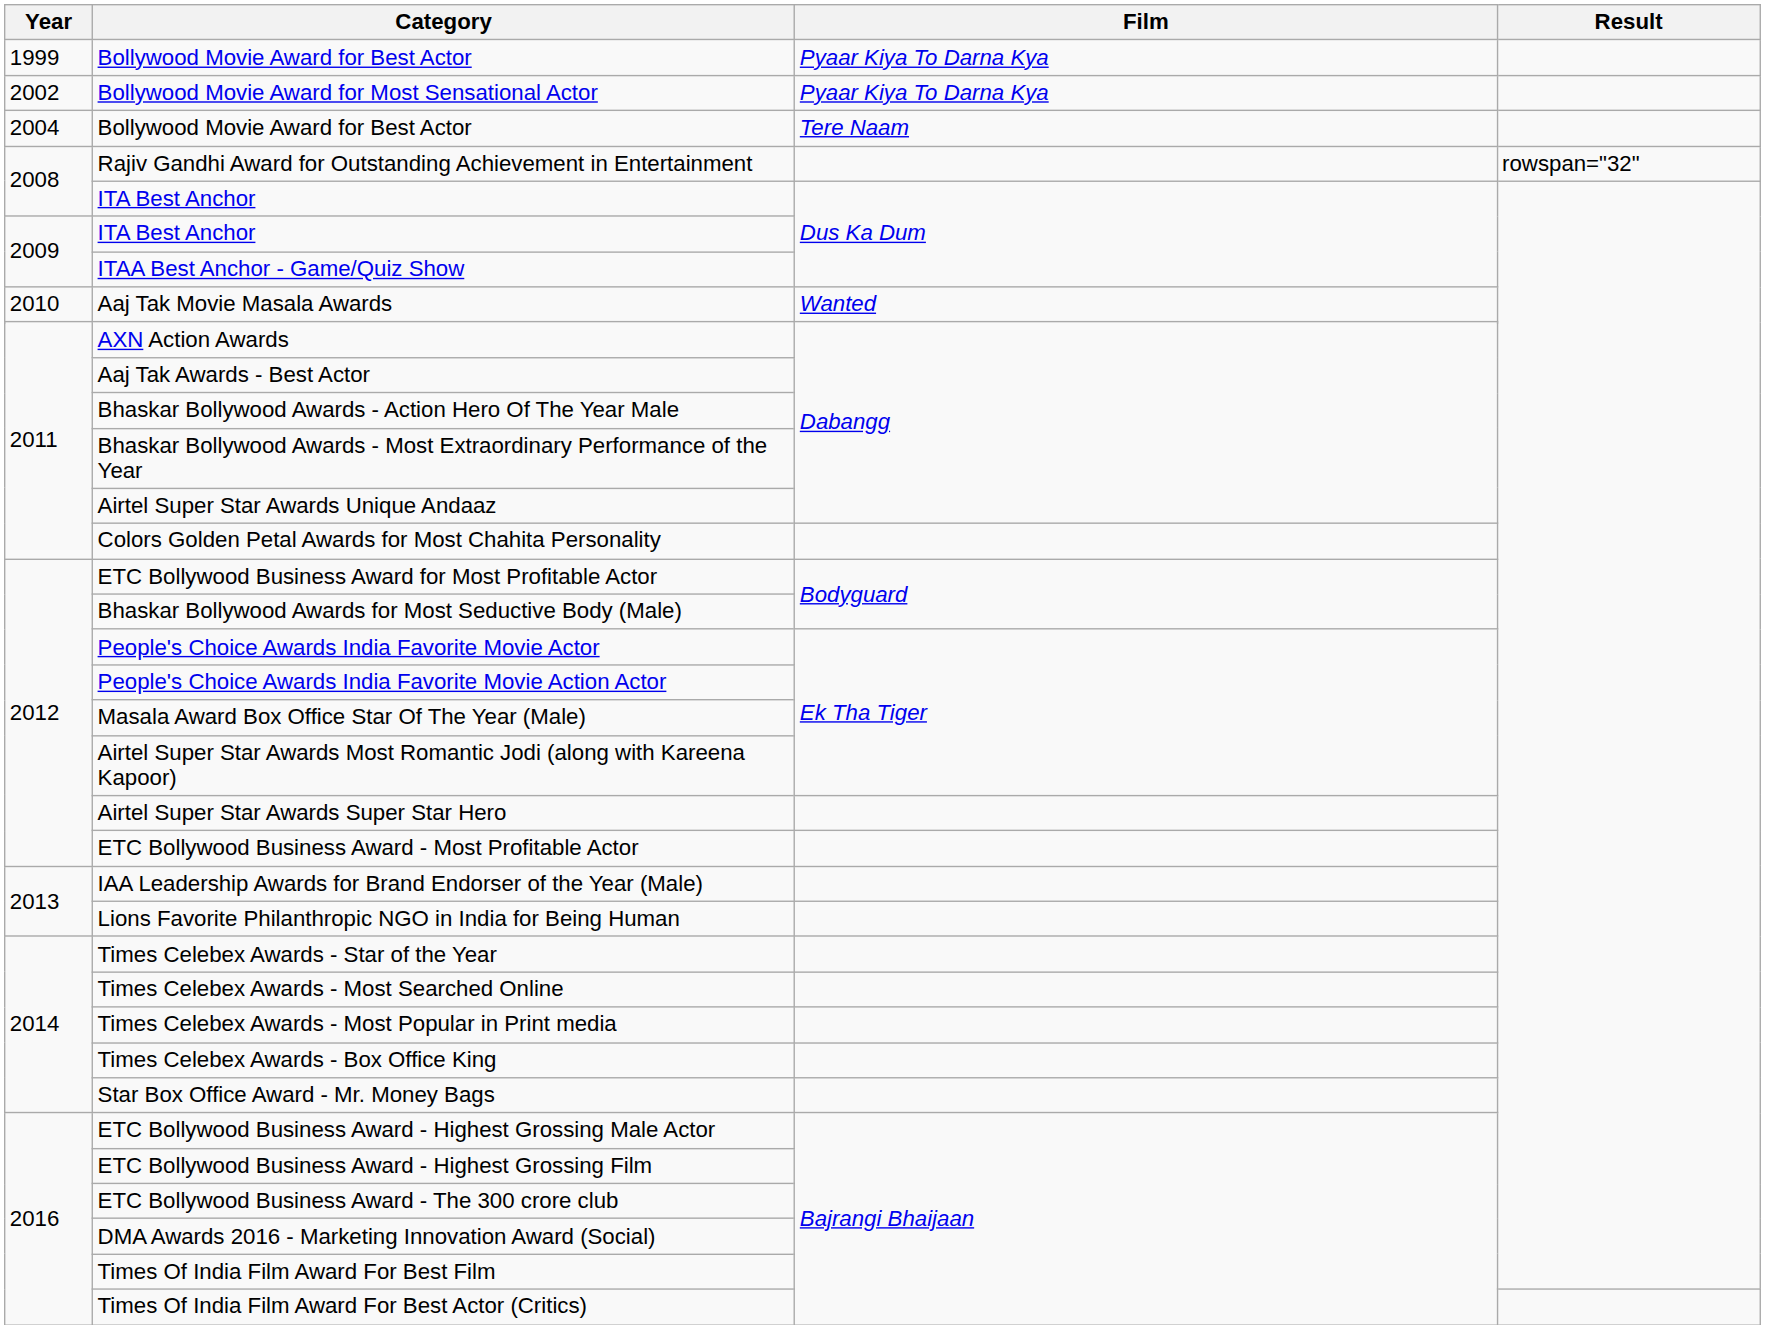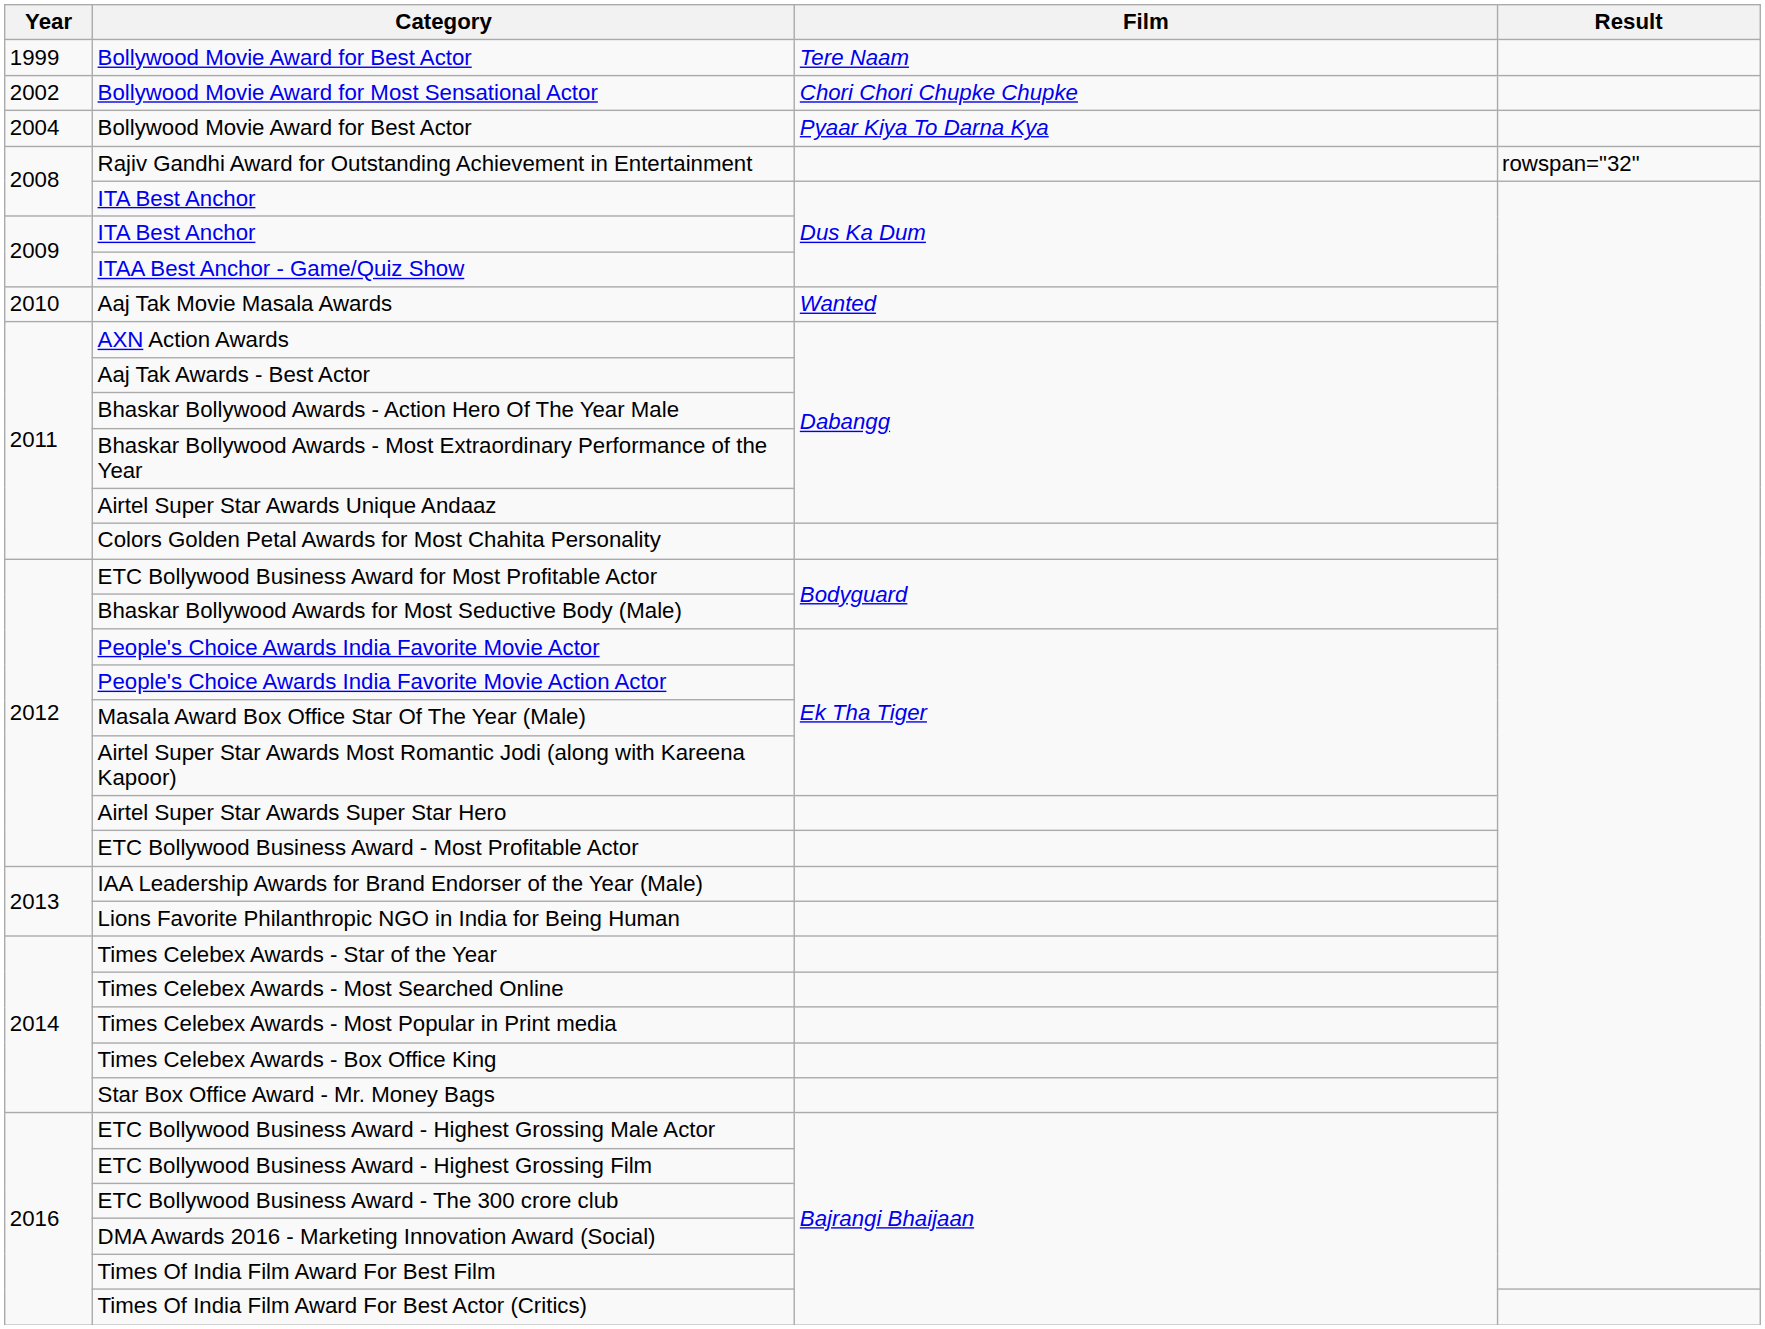 <table class="wikitable" style="width:100%;">
 <tr>
 <th width=5%>Year</th>
 <th style="width:40%;">Category</th>
 <th style="width:40%;">Film</th>
 <th style="width:15%;">Result</th>
 </tr>
 <tr>
 <td>1999</td>
 <td><a href='#'>Bollywood Movie Award for Best Actor</a></td>
-<td><em><a href='#'>Pyaar Kiya To Darna Kya</a></em></td>
+<td><em><a href='#'>Tere Naam</a></em></td>
 <td></td>
 </tr>
 <tr>
 <td>2002</td>
 <td><a href='#'>Bollywood Movie Award for Most Sensational Actor</a></td>
-<td><em><a href='#'>Pyaar Kiya To Darna Kya</a></em></td>
+<td><em><a href='#'>Chori Chori Chupke Chupke</a></em></td>
 <td></td>
 </tr>
 <tr>
 <td>2004</td>
 <td>Bollywood Movie Award for Best Actor</td>
-<td><em><a href='#'>Tere Naam</a></em></td>
+<td><em><a href='#'>Pyaar Kiya To Darna Kya</a></em></td>
 <td></td>
 </tr>
 <tr>
 <td rowspan="2">2008</td>
 <td>Rajiv Gandhi Award for Outstanding Achievement in Entertainment</td>
 <td></td>
 <td>rowspan="32" </td>
 </tr>
 <tr>
 <td><a href='#'>ITA Best Anchor</a></td>
 <td rowspan="3"><em><a href='#'>Dus Ka Dum</a></em></td>
 </tr>
 <tr>
 <td rowspan="2">2009</td>
 <td><a href='#'>ITA Best Anchor</a></td>
 </tr>
 <tr>
 <td><a href='#'>ITAA Best Anchor - Game/Quiz Show</a></td>
 </tr>
 <tr>
 <td rowspan="2">2010</td>
 <td>Aaj Tak Movie Masala Awards</td>
 <td rowspan="2"><em><a href='#'>Wanted</a></em></td>
 </tr>
 <tr>
 <td rowspan="2"><a href='#'>AXN</a> Action Awards</td>
 </tr>
 <tr>
 <td rowspan="6">2011</td>
 <td rowspan="5"><em><a href='#'>Dabangg</a></em></td>
 </tr>
 <tr>
 <td>Aaj Tak Awards - Best Actor</td>
 </tr>
 <tr>
 <td>Bhaskar Bollywood Awards - Action Hero Of The Year Male</td>
 </tr>
 <tr>
 <td>Bhaskar Bollywood Awards - Most Extraordinary Performance of the Year</td>
 </tr>
 <tr>
 <td>Airtel Super Star Awards Unique Andaaz</td>
 </tr>
 <tr>
 <td>Colors Golden Petal Awards for Most Chahita Personality</td>
 <td></td>
 </tr>
 <tr>
 <td rowspan="8">2012</td>
 <td>ETC Bollywood Business Award for Most Profitable Actor</td>
 <td rowspan="2"><em><a href='#'>Bodyguard</a></em></td>
 </tr>
 <tr>
 <td>Bhaskar Bollywood Awards for Most Seductive Body (Male)</td>
 </tr>
 <tr>
 <td><a href='#'>People's Choice Awards India Favorite Movie Actor</a></td>
 <td rowspan="4"><em><a href='#'>Ek Tha Tiger</a></em></td>
 </tr>
 <tr>
 <td><a href='#'>People's Choice Awards India Favorite Movie Action Actor</a></td>
 </tr>
 <tr>
 <td>Masala Award Box Office Star Of The Year (Male)</td>
 </tr>
 <tr>
 <td>Airtel Super Star Awards Most Romantic Jodi (along with Kareena Kapoor)</td>
 </tr>
 <tr>
 <td>Airtel Super Star Awards Super Star Hero</td>
 <td></td>
 </tr>
 <tr>
 <td>ETC Bollywood Business Award - Most Profitable Actor</td>
 <td></td>
 </tr>
 <tr>
 <td rowspan="2">2013</td>
 <td>IAA Leadership Awards for Brand Endorser of the Year (Male)</td>
 <td></td>
 </tr>
 <tr>
 <td>Lions Favorite Philanthropic NGO in India for Being Human</td>
 <td></td>
 </tr>
 <tr>
 <td rowspan="5">2014</td>
 <td>Times Celebex Awards - Star of the Year</td>
 <td></td>
 </tr>
 <tr>
 <td>Times Celebex Awards - Most Searched Online</td>
 <td></td>
 </tr>
 <tr>
 <td>Times Celebex Awards - Most Popular in Print media</td>
 <td></td>
 </tr>
 <tr>
 <td>Times Celebex Awards - Box Office King</td>
 <td></td>
 </tr>
 <tr>
 <td>Star Box Office Award - Mr. Money Bags</td>
 <td></td>
 </tr>
 <tr>
 <td rowspan="6">2016</td>
 <td>ETC Bollywood Business Award - Highest Grossing Male Actor</td>
 <td rowspan="6"><em><a href='#'>Bajrangi Bhaijaan</a></em></td>
 </tr>
 <tr>
 <td>ETC Bollywood Business Award - Highest Grossing Film</td>
 </tr>
 <tr>
 <td>ETC Bollywood Business Award - The 300 crore club</td>
 </tr>
 <tr>
 <td>DMA Awards 2016 - Marketing Innovation Award (Social)</td>
 </tr>
 <tr>
 <td>Times Of India Film Award For Best Film</td>
 </tr>
 <tr>
 <td>Times Of India Film Award For Best Actor (Critics)</td>
 <td></td>
 </tr>
 </table>
